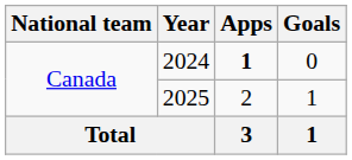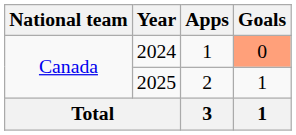 <table class="wikitable" style="text-align:center">
 <tr>
 <th>National team</th>
 <th>Year</th>
 <th>Apps</th>
 <th>Goals</th>
 </tr>
 <tr>
 <td rowspan=2><a href='#'>Canada</a></td>
 <td>2024</td>
-<td><strong>1</strong></td>
-<td>0</td>
+<td>1</td>
+<td style="background: lightsalmon;">0</td>
 </tr>
 <tr>
 <td>2025</td>
 <td>2</td>
 <td>1</td>
 </tr>
 <tr>
 <th colspan="2">Total</th>
 <th>3</th>
 <th>1</th>
 </tr>
 </table>
